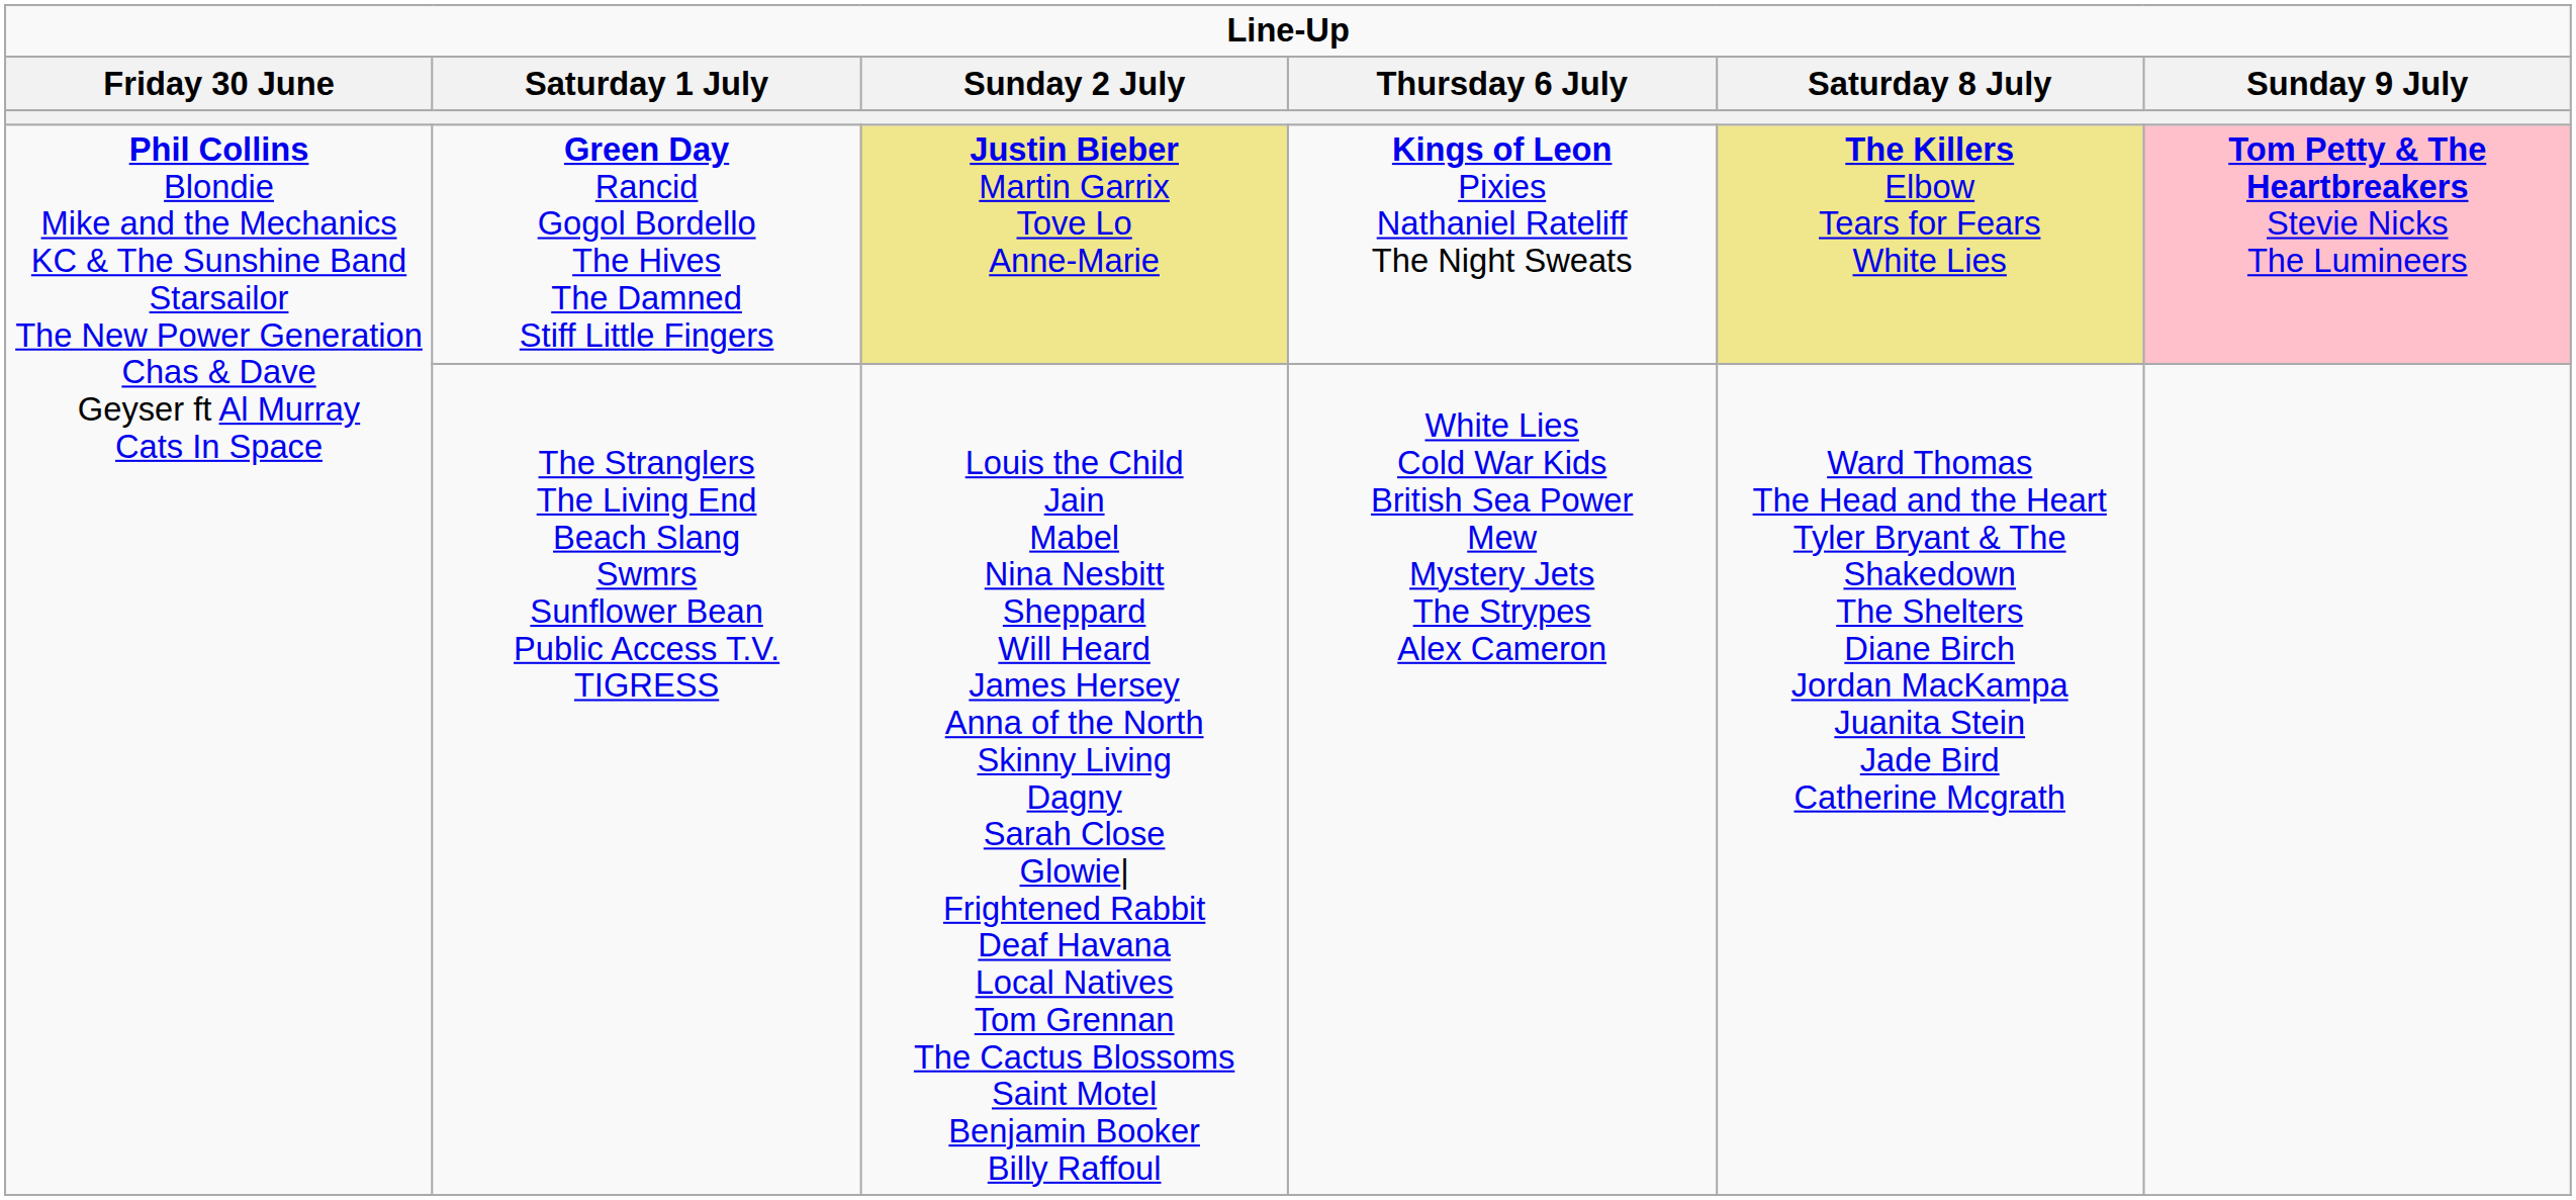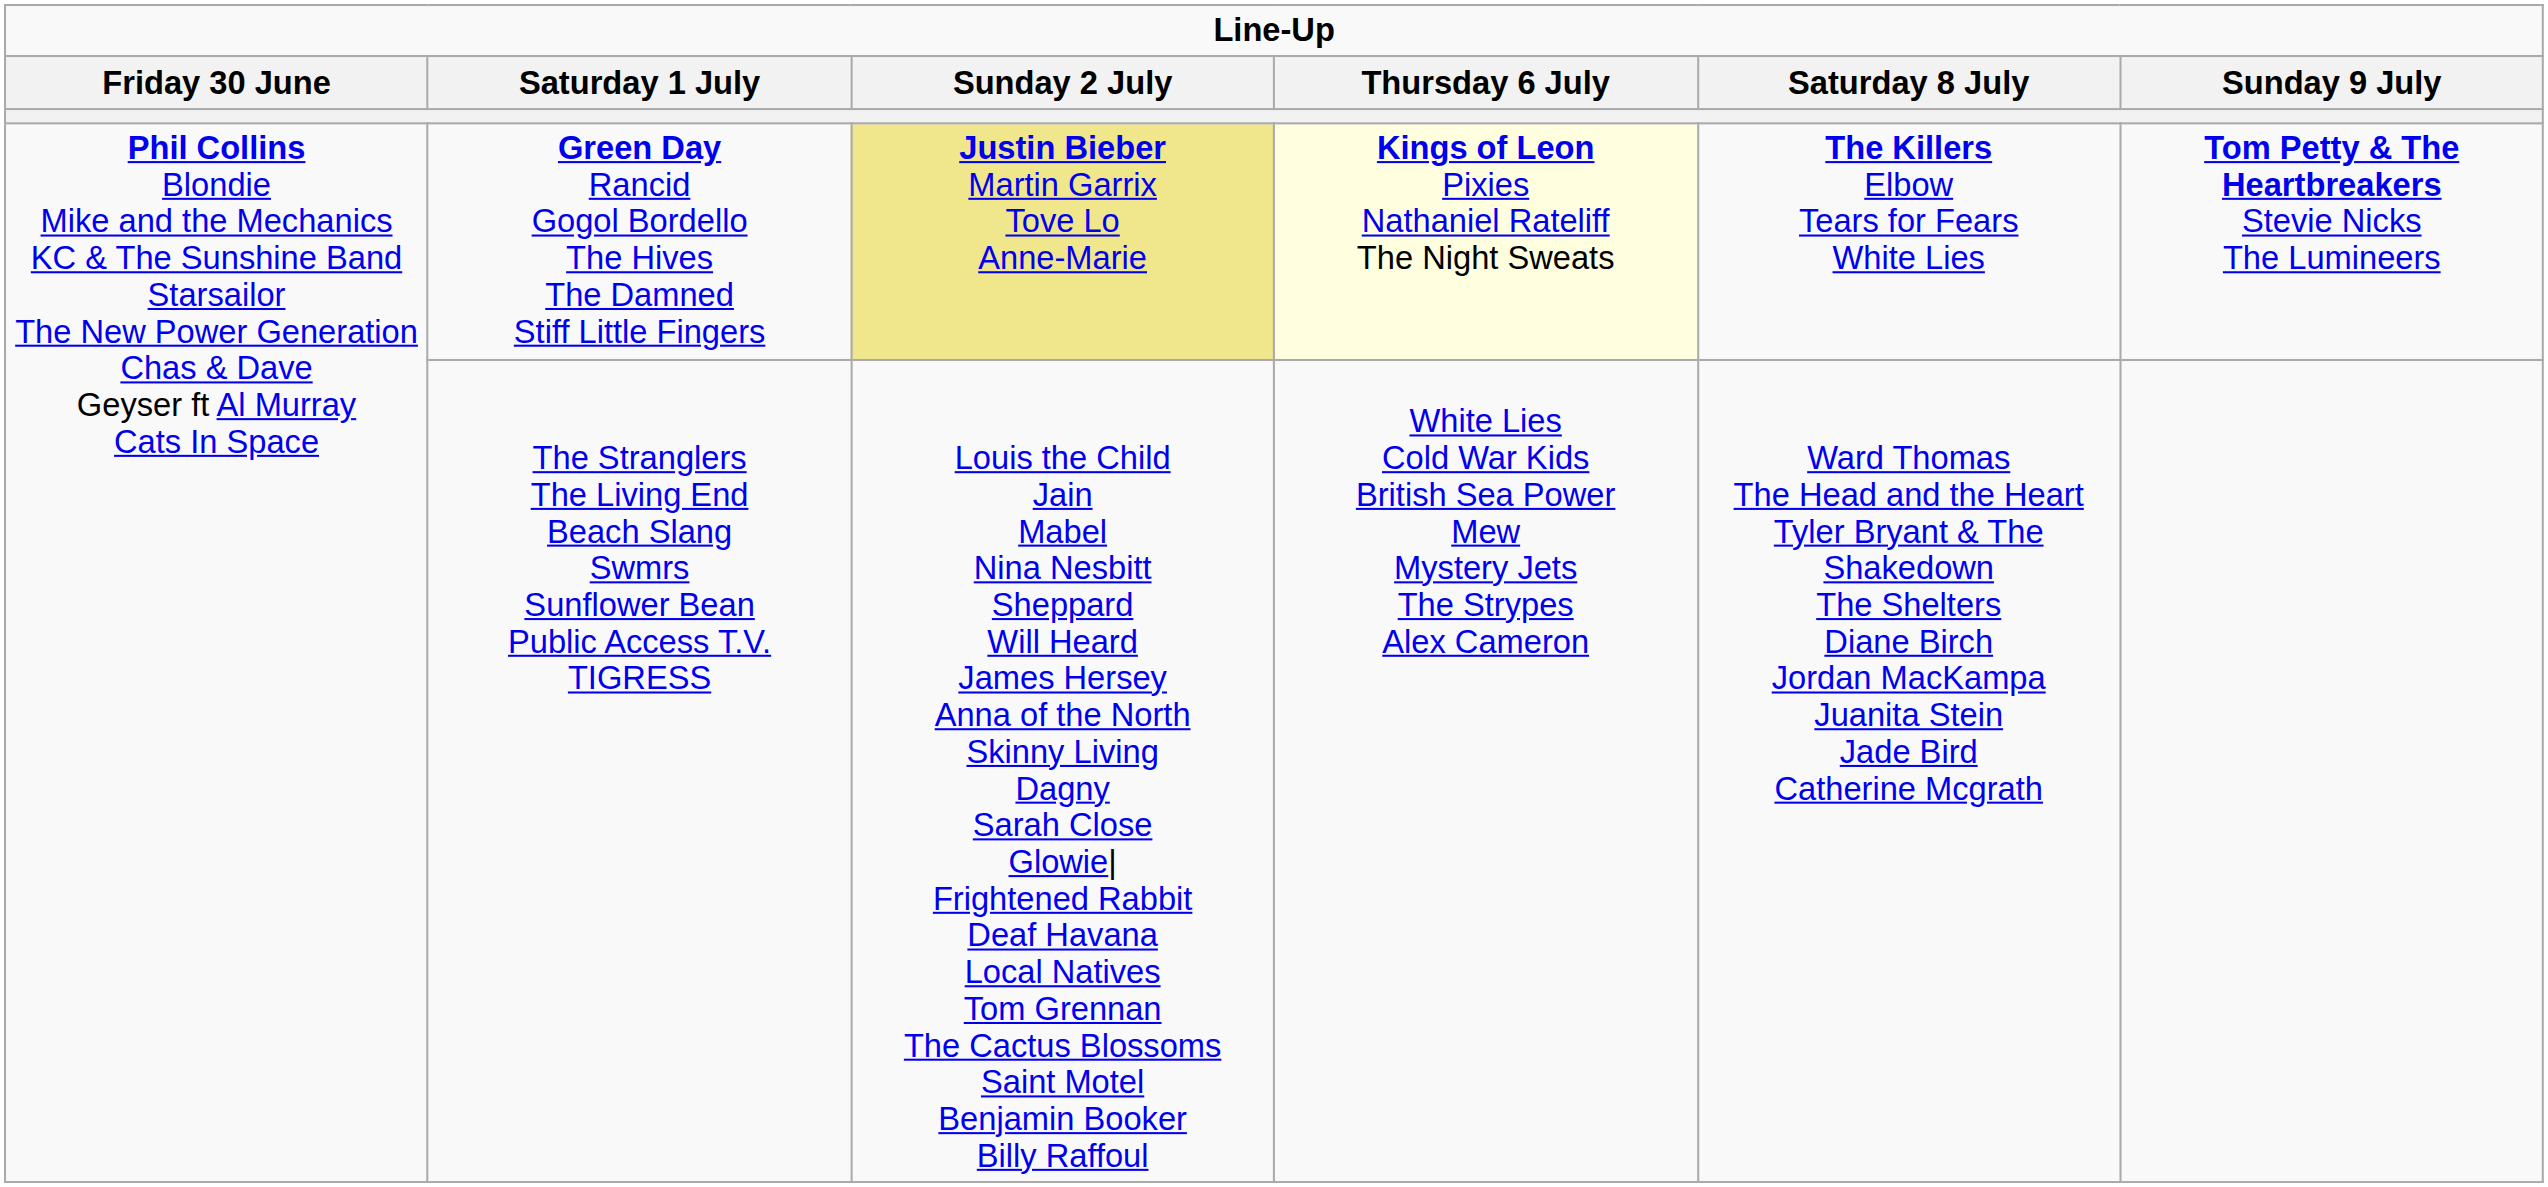 <table class="wikitable">
 <tr>
 <td colspan="6" style="text-align:center;"><strong>Line-Up</strong></td>
 </tr>
 <tr>
 <th>Friday 30 June</th>
 <th>Saturday 1 July</th>
 <th>Sunday 2 July</th>
 <th>Thursday 6 July</th>
 <th>Saturday 8 July</th>
 <th>Sunday 9 July</th>
 </tr>
 <tr>
 <th colspan="6" style="text-align:center;"></th>
 </tr>
 <tr>
 <td rowspan="2" style="text-align:center; vertical-align:top; width:200px;"><strong><a href='#'>Phil Collins</a> </strong><br><a href='#'>Blondie</a><br> <a href='#'>Mike and the Mechanics</a><br> <a href='#'>KC & The Sunshine Band</a><br> <a href='#'>Starsailor</a><br> <a href='#'>The New Power Generation</a><br> <a href='#'>Chas & Dave</a><br> Geyser ft <a href='#'>Al Murray</a><br> <a href='#'>Cats In Space</a></td>
 <td style="text-align:center; vertical-align:top; width:200px;"><strong><a href='#'>Green Day</a></strong><br><a href='#'>Rancid</a> <br> <a href='#'>Gogol Bordello</a> <br> <a href='#'>The Hives</a>  <br> <a href='#'>The Damned</a> <br> <a href='#'>Stiff Little Fingers</a></td>
 <td style="background: khaki; text-align:center; vertical-align:top; width:200px;"><strong><a href='#'>Justin Bieber</a></strong><br><a href='#'>Martin Garrix</a> <br> <a href='#'>Tove Lo</a> <br> <a href='#'>Anne-Marie</a></td>
-<td style="text-align:center; vertical-align:top; width:200px;"><strong><a href='#'>Kings of Leon</a></strong><br><a href='#'>Pixies</a> <br><a href='#'>Nathaniel Rateliff</a> <br> The Night Sweats</td>
-<td style="background: khaki; text-align:center; vertical-align:top; width:200px;"><strong><a href='#'>The Killers</a></strong><br><a href='#'>Elbow</a> <br><a href='#'>Tears for Fears</a> <br><a href='#'>White Lies</a></td>
-<td style="background: pink; text-align:center; vertical-align:top; width:200px;"><strong><a href='#'>Tom Petty & The Heartbreakers</a></strong><br><a href='#'>Stevie Nicks</a> <br><a href='#'>The Lumineers</a></td>
+<td style="background: lightyellow; text-align:center; vertical-align:top; width:200px;"><strong><a href='#'>Kings of Leon</a></strong><br><a href='#'>Pixies</a> <br><a href='#'>Nathaniel Rateliff</a> <br> The Night Sweats</td>
+<td style="text-align:center; vertical-align:top; width:200px;"><strong><a href='#'>The Killers</a></strong><br><a href='#'>Elbow</a> <br><a href='#'>Tears for Fears</a> <br><a href='#'>White Lies</a></td>
+<td style="text-align:center; vertical-align:top; width:200px;"><strong><a href='#'>Tom Petty & The Heartbreakers</a></strong><br><a href='#'>Stevie Nicks</a> <br><a href='#'>The Lumineers</a></td>
 </tr>
 <tr>
 <td style="text-align:center; vertical-align:top; width:200px;"><br><br> <a href='#'>The Stranglers</a> <br> <a href='#'>The Living End</a> <br> <a href='#'>Beach Slang</a> <br> <a href='#'>Swmrs</a> <br> <a href='#'>Sunflower Bean</a> <br> <a href='#'>Public Access T.V.</a> <br> <a href='#'>TIGRESS</a></td>
 <td style="text-align:center; vertical-align:top; width:200px;"><br><br> <a href='#'>Louis the Child</a> <br> <a href='#'>Jain</a> <br> <a href='#'>Mabel</a> <br> <a href='#'>Nina Nesbitt</a> <br> <a href='#'>Sheppard</a> <br> <a href='#'>Will Heard</a> <br> <a href='#'>James Hersey</a> <br> <a href='#'>Anna of the North</a> <br> <a href='#'>Skinny Living</a> <br> <a href='#'>Dagny</a><br><a href='#'>Sarah Close</a><br> <a href='#'>Glowie</a>|  <br> <a href='#'>Frightened Rabbit</a> <br> <a href='#'>Deaf Havana</a> <br> <a href='#'>Local Natives</a> <br> <a href='#'>Tom Grennan</a> <br> <a href='#'>The Cactus Blossoms</a>  <br> <a href='#'>Saint Motel</a> <br> <a href='#'>Benjamin Booker</a> <br> <a href='#'>Billy Raffoul</a></td>
 <td style="text-align:center; vertical-align:top; width:200px;"><br><a href='#'>White Lies</a><br><a href='#'>Cold War Kids</a><br><a href='#'>British Sea Power</a><br><a href='#'>Mew</a><br><a href='#'>Mystery Jets</a><br><a href='#'>The Strypes</a><br><a href='#'>Alex Cameron</a></td>
 <td style="text-align:center; vertical-align:top; width:200px;"><br><br> <a href='#'>Ward Thomas</a> <br> <a href='#'>The Head and the Heart</a> <br> <a href='#'>Tyler Bryant & The Shakedown</a> <br> <a href='#'>The Shelters</a> <br> <a href='#'>Diane Birch</a> <br> <a href='#'>Jordan MacKampa</a> <br> <a href='#'>Juanita Stein</a>  <br> <a href='#'>Jade Bird</a> <br> <a href='#'>Catherine Mcgrath</a></td>
 </tr>
 <tr>
 </tr>
 </table>
